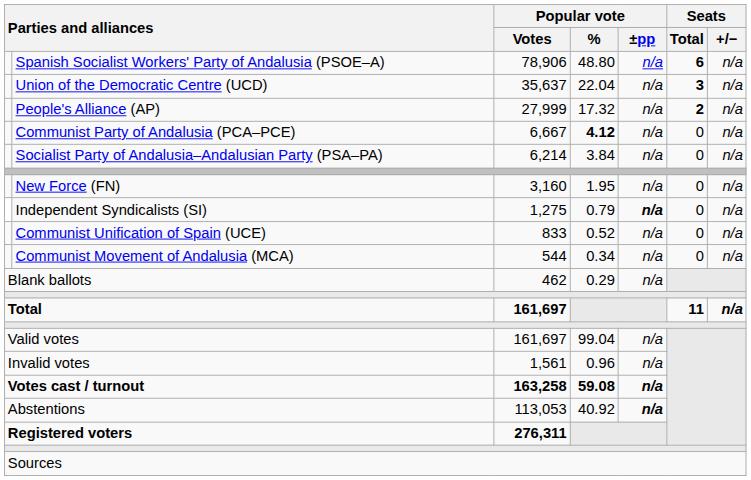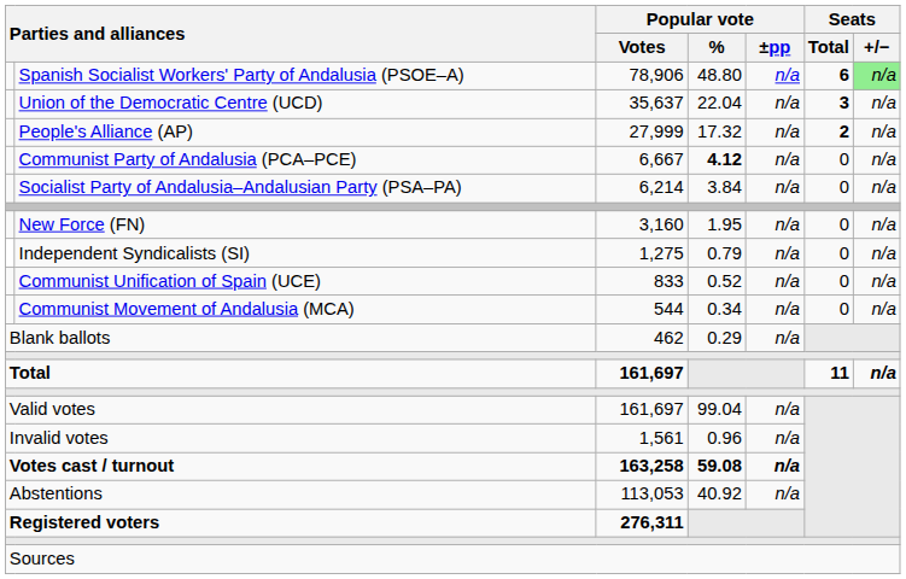 <table class="wikitable" style="text-align:right;">
 <tr>
 <th style="text-align:left;" rowspan="2" colspan="2" width="525">Parties and alliances</th>
 <th colspan="3">Popular vote</th>
 <th colspan="2">Seats</th>
 </tr>
 <tr>
 <th width="75">Votes</th>
 <th width="45">%</th>
 <th width="45">±<a href='#'>pp</a></th>
 <th width="35">Total</th>
 <th width="35">+/−</th>
 </tr>
 <tr>
 <td width="1" style="color:inherit;background:"></td>
 <td align="left"><a href='#'>Spanish Socialist Workers' Party of Andalusia</a> (PSOE–A)</td>
 <td>78,906</td>
 <td>48.80</td>
 <td><em><a href='#'>n/a</a></em></td>
 <td><strong>6</strong></td>
-<td><em>n/a</em></td>
+<td style="background: lightgreen;"><em>n/a</em></td>
 </tr>
 <tr>
 <td style="color:inherit;background:"></td>
 <td align="left"><a href='#'>Union of the Democratic Centre</a> (UCD)</td>
 <td>35,637</td>
 <td>22.04</td>
 <td><em>n/a</em></td>
 <td><strong>3</strong></td>
 <td><em>n/a</em></td>
 </tr>
 <tr>
 <td style="color:inherit;background:"></td>
 <td align="left"><a href='#'>People's Alliance</a> (AP)</td>
 <td>27,999</td>
 <td>17.32</td>
 <td><em>n/a</em></td>
 <td><strong>2</strong></td>
 <td><em>n/a</em></td>
 </tr>
 <tr>
 <td style="color:inherit;background:"></td>
 <td align="left"><a href='#'>Communist Party of Andalusia</a> (PCA–PCE)</td>
 <td>6,667</td>
 <td><strong>4.12</strong></td>
 <td><em>n/a</em></td>
 <td>0</td>
 <td><em>n/a</em></td>
 </tr>
 <tr>
 <td style="color:inherit;background:"></td>
 <td align="left"><a href='#'>Socialist Party of Andalusia–Andalusian Party</a> (PSA–PA)</td>
 <td>6,214</td>
 <td>3.84</td>
 <td><em>n/a</em></td>
 <td>0</td>
 <td><em>n/a</em></td>
 </tr>
 <tr>
 <td colspan="7" bgcolor="#C0C0C0"></td>
 </tr>
 <tr>
 <td style="color:inherit;background:"></td>
 <td align="left"><a href='#'>New Force</a> (FN)</td>
 <td>3,160</td>
 <td>1.95</td>
 <td><em>n/a</em></td>
 <td>0</td>
 <td><em>n/a</em></td>
 </tr>
 <tr>
 <td bgcolor="white"></td>
 <td align="left">Independent Syndicalists (SI)</td>
 <td>1,275</td>
 <td>0.79</td>
-<td><strong><em>n/a</em></strong></td>
+<td><em>n/a</em></td>
 <td>0</td>
 <td><em>n/a</em></td>
 </tr>
 <tr>
 <td style="color:inherit;background:"></td>
 <td align="left"><a href='#'>Communist Unification of Spain</a> (UCE)</td>
 <td>833</td>
 <td>0.52</td>
 <td><em>n/a</em></td>
 <td>0</td>
 <td><em>n/a</em></td>
 </tr>
 <tr>
 <td style="color:inherit;background:"></td>
 <td align="left"><a href='#'>Communist Movement of Andalusia</a> (MCA)</td>
 <td>544</td>
 <td>0.34</td>
 <td><em>n/a</em></td>
 <td>0</td>
 <td><em>n/a</em></td>
 </tr>
 <tr>
 <td align="left" colspan="2">Blank ballots</td>
 <td>462</td>
 <td>0.29</td>
 <td><em>n/a</em></td>
 <td bgcolor="#E9E9E9" colspan="2"></td>
 </tr>
 <tr>
 <td colspan="7" bgcolor="#E9E9E9"></td>
 </tr>
 <tr style="font-weight:bold;">
 <td align="left" colspan="2">Total</td>
 <td>161,697</td>
 <td bgcolor="#E9E9E9" colspan="2"></td>
 <td>11</td>
 <td><em>n/a</em></td>
 </tr>
 <tr>
 <td colspan="7" bgcolor="#E9E9E9"></td>
 </tr>
 <tr>
 <td align="left" colspan="2">Valid votes</td>
 <td>161,697</td>
 <td>99.04</td>
 <td><em>n/a</em></td>
 <td bgcolor="#E9E9E9" colspan="2" rowspan="5"></td>
 </tr>
 <tr>
 <td align="left" colspan="2">Invalid votes</td>
 <td>1,561</td>
 <td>0.96</td>
 <td><em>n/a</em></td>
 </tr>
 <tr style="font-weight:bold;">
 <td align="left" colspan="2">Votes cast / turnout</td>
 <td>163,258</td>
 <td>59.08</td>
 <td><em>n/a</em></td>
 </tr>
 <tr>
 <td align="left" colspan="2">Abstentions</td>
 <td>113,053</td>
 <td>40.92</td>
-<td><strong><em>n/a</em></strong></td>
+<td><em>n/a</em></td>
 </tr>
 <tr style="font-weight:bold;">
 <td align="left" colspan="2">Registered voters</td>
 <td>276,311</td>
 <td bgcolor="#E9E9E9" colspan="2"></td>
 </tr>
 <tr>
 <td colspan="7" bgcolor="#E9E9E9"></td>
 </tr>
 <tr>
 <td align="left" colspan="7">Sources</td>
 </tr>
 </table>
